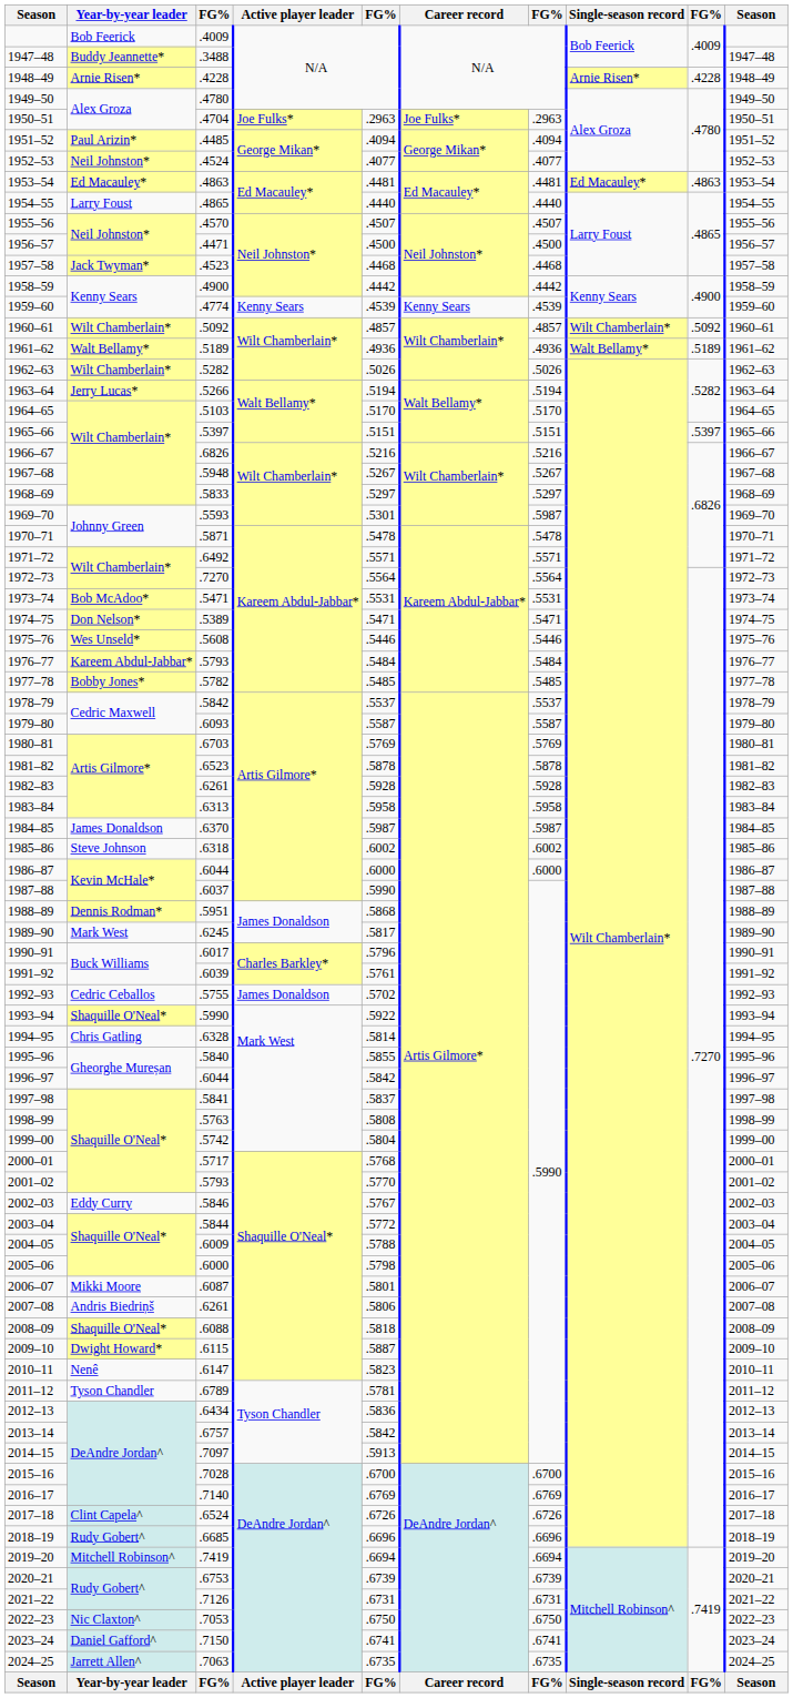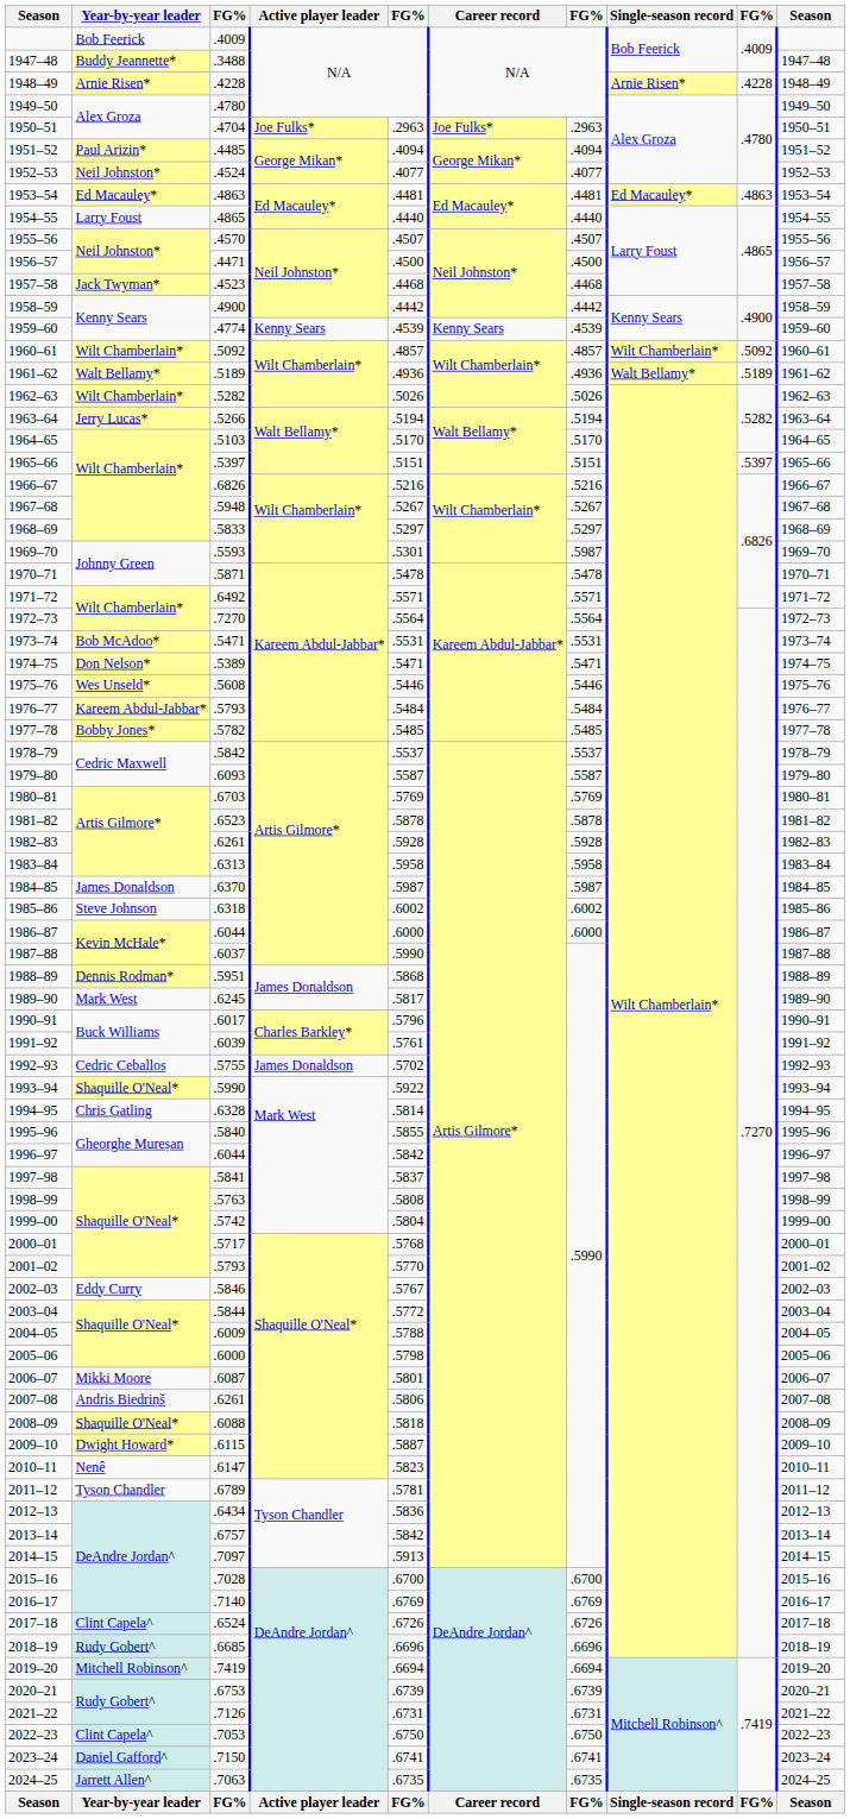 <table class="wikitable">
 <tr>
 <th width=8%>Season</th>
 <th><a href='#'>Year-by-year leader</a></th>
 <th>FG%</th>
 <th>Active player leader</th>
 <th>FG%</th>
 <th>Career record</th>
 <th>FG%</th>
 <th>Single-season record</th>
 <th>FG%</th>
 <th width=8%>Season</th>
 </tr>
 <tr>
 <td></td>
 <td><a href='#'>Bob Feerick</a></td>
 <td align=center style="border-right: solid blue">.4009</td>
 <td style="text-align:center; border-right: solid blue" rowspan=4 colspan=2>N/A</td>
 <td style="text-align:center; border-right: solid blue" rowspan=4 colspan=2>N/A</td>
 <td rowspan=2><a href='#'>Bob Feerick</a></td>
 <td rowspan=2 align=center style="border-right: solid blue">.4009</td>
 <td></td>
 </tr>
 <tr>
 <td>1947–48</td>
 <td bgcolor="#FFFF99"><a href='#'>Buddy Jeannette</a>*</td>
 <td align=center style="border-right: solid blue">.3488</td>
 <td>1947–48</td>
 </tr>
 <tr>
 <td>1948–49</td>
 <td bgcolor="#FFFF99"><a href='#'>Arnie Risen</a>*</td>
 <td align=center style="border-right: solid blue">.4228</td>
 <td bgcolor="#FFFF99"><a href='#'>Arnie Risen</a>*</td>
 <td align=center style="border-right: solid blue">.4228</td>
 <td>1948–49</td>
 </tr>
 <tr>
 <td>1949–50</td>
 <td rowspan=2><a href='#'>Alex Groza</a></td>
 <td align=center style="border-right: solid blue">.4780</td>
 <td rowspan=4><a href='#'>Alex Groza</a></td>
 <td rowspan=4 align=center style="border-right: solid blue">.4780</td>
 <td>1949–50</td>
 </tr>
 <tr>
 <td>1950–51</td>
 <td align=center style="border-right: solid blue">.4704</td>
 <td bgcolor="#FFFF99"><a href='#'>Joe Fulks</a>*</td>
 <td align=center style="border-right: solid blue">.2963</td>
 <td bgcolor="#FFFF99"><a href='#'>Joe Fulks</a>*</td>
 <td align=center style="border-right: solid blue">.2963</td>
 <td>1950–51</td>
 </tr>
 <tr>
 <td>1951–52</td>
 <td bgcolor="#FFFF99"><a href='#'>Paul Arizin</a>*</td>
 <td align=center style="border-right: solid blue">.4485</td>
 <td rowspan=2 bgcolor="#FFFF99"><a href='#'>George Mikan</a>*</td>
 <td align=center style="border-right: solid blue">.4094</td>
 <td rowspan=2 bgcolor="#FFFF99"><a href='#'>George Mikan</a>*</td>
 <td align=center style="border-right: solid blue">.4094</td>
 <td>1951–52</td>
 </tr>
 <tr>
 <td>1952–53</td>
 <td bgcolor="#FFFF99"><a href='#'>Neil Johnston</a>*</td>
 <td align=center style="border-right: solid blue">.4524</td>
 <td align=center style="border-right: solid blue">.4077</td>
 <td align=center style="border-right: solid blue">.4077</td>
 <td>1952–53</td>
 </tr>
 <tr>
 <td>1953–54</td>
 <td bgcolor="#FFFF99"><a href='#'>Ed Macauley</a>*</td>
 <td align=center style="border-right: solid blue">.4863</td>
 <td rowspan=2 bgcolor="#FFFF99"><a href='#'>Ed Macauley</a>*</td>
 <td align=center style="border-right: solid blue">.4481</td>
 <td rowspan=2 bgcolor="#FFFF99"><a href='#'>Ed Macauley</a>*</td>
 <td align=center style="border-right: solid blue">.4481</td>
 <td bgcolor="#FFFF99"><a href='#'>Ed Macauley</a>*</td>
 <td align=center style="border-right: solid blue">.4863</td>
 <td>1953–54</td>
 </tr>
 <tr>
 <td>1954–55</td>
 <td><a href='#'>Larry Foust</a></td>
 <td align=center style="border-right: solid blue">.4865</td>
 <td align=center style="border-right: solid blue">.4440</td>
 <td align=center  style="border-right: solid blue">.4440</td>
 <td rowspan=4><a href='#'>Larry Foust</a></td>
 <td rowspan=4 align=center style="border-right: solid blue">.4865</td>
 <td>1954–55</td>
 </tr>
 <tr>
 <td>1955–56</td>
 <td rowspan=2 bgcolor="#FFFF99"><a href='#'>Neil Johnston</a>*</td>
 <td align=center style="border-right: solid blue">.4570</td>
 <td rowspan=4 bgcolor="#FFFF99"><a href='#'>Neil Johnston</a>*</td>
 <td align=center style="border-right: solid blue">.4507</td>
 <td rowspan=4 bgcolor="#FFFF99"><a href='#'>Neil Johnston</a>*</td>
 <td align=center style="border-right: solid blue">.4507</td>
 <td>1955–56</td>
 </tr>
 <tr>
 <td>1956–57</td>
 <td align=center style="border-right: solid blue">.4471</td>
 <td align=center style="border-right: solid blue">.4500</td>
 <td align=center style="border-right: solid blue">.4500</td>
 <td>1956–57</td>
 </tr>
 <tr>
 <td>1957–58</td>
 <td bgcolor="#FFFF99"><a href='#'>Jack Twyman</a>*</td>
 <td align=center style="border-right: solid blue">.4523</td>
 <td align=center style="border-right: solid blue">.4468</td>
 <td align=center style="border-right: solid blue">.4468</td>
 <td>1957–58</td>
 </tr>
 <tr>
 <td>1958–59</td>
 <td rowspan=2><a href='#'>Kenny Sears</a></td>
 <td align=center style="border-right: solid blue">.4900</td>
 <td align=center style="border-right: solid blue">.4442</td>
 <td align=center style="border-right: solid blue">.4442</td>
 <td rowspan=2><a href='#'>Kenny Sears</a></td>
 <td rowspan=2 align=center  style="border-right: solid blue">.4900</td>
 <td>1958–59</td>
 </tr>
 <tr>
 <td>1959–60</td>
 <td align=center style="border-right: solid blue">.4774</td>
 <td><a href='#'>Kenny Sears</a></td>
 <td align=center style="border-right: solid blue">.4539</td>
 <td><a href='#'>Kenny Sears</a></td>
 <td align=center style="border-right: solid blue">.4539</td>
 <td>1959–60</td>
 </tr>
 <tr>
 <td>1960–61</td>
 <td bgcolor="#FFFF99"><a href='#'>Wilt Chamberlain</a>*</td>
 <td align=center style="border-right: solid blue">.5092</td>
 <td rowspan=3 bgcolor="#FFFF99"><a href='#'>Wilt Chamberlain</a>*<br><br></td>
 <td align=center style="border-right: solid blue">.4857</td>
 <td rowspan=3 bgcolor="#FFFF99"><a href='#'>Wilt Chamberlain</a>*<br><br></td>
 <td align=center style="border-right: solid blue">.4857</td>
 <td bgcolor="#FFFF99"><a href='#'>Wilt Chamberlain</a>*</td>
 <td align=center style="border-right: solid blue">.5092</td>
 <td>1960–61</td>
 </tr>
 <tr>
 <td>1961–62</td>
 <td bgcolor="#FFFF99"><a href='#'>Walt Bellamy</a>*</td>
 <td align=center style="border-right: solid blue">.5189</td>
 <td align=center style="border-right: solid blue">.4936</td>
 <td align=center style="border-right: solid blue">.4936</td>
 <td bgcolor="#FFFF99"><a href='#'>Walt Bellamy</a>*</td>
 <td align=center style="border-right: solid blue">.5189</td>
 <td>1961–62</td>
 </tr>
 <tr>
 <td>1962–63</td>
 <td bgcolor="#FFFF99"><a href='#'>Wilt Chamberlain</a>*</td>
 <td align=center style="border-right: solid blue">.5282</td>
 <td align=center style="border-right: solid blue">.5026</td>
 <td align=center style="border-right: solid blue">.5026</td>
 <td rowspan=57 bgcolor="#FFFF99"><a href='#'>Wilt Chamberlain</a>*<br><br><br></td>
 <td rowspan=3 align=center  style="border-right: solid blue">.5282</td>
 <td>1962–63</td>
 </tr>
 <tr>
 <td>1963–64</td>
 <td bgcolor="#FFFF99"><a href='#'>Jerry Lucas</a>*</td>
 <td align=center style="border-right: solid blue">.5266</td>
 <td rowspan=3 bgcolor="#FFFF99"><a href='#'>Walt Bellamy</a>*<br><br></td>
 <td align=center style="border-right: solid blue">.5194</td>
 <td rowspan=3 bgcolor="#FFFF99"><a href='#'>Walt Bellamy</a>*<br><br></td>
 <td align=center style="border-right: solid blue">.5194</td>
 <td>1963–64</td>
 </tr>
 <tr>
 <td>1964–65</td>
 <td rowspan=5 bgcolor="#FFFF99"><a href='#'>Wilt Chamberlain</a>*<br><br><br></td>
 <td align=center style="border-right: solid blue">.5103</td>
 <td align=center style="border-right: solid blue">.5170</td>
 <td align=center style="border-right: solid blue">.5170</td>
 <td>1964–65</td>
 </tr>
 <tr>
 <td>1965–66</td>
 <td align=center style="border-right: solid blue">.5397</td>
 <td align=center style="border-right: solid blue">.5151</td>
 <td align=center style="border-right: solid blue">.5151</td>
 <td align=center  style="border-right: solid blue">.5397</td>
 <td>1965–66</td>
 </tr>
 <tr>
 <td>1966–67</td>
 <td align=center style="border-right: solid blue">.6826</td>
 <td rowspan=4 bgcolor="#FFFF99"><a href='#'>Wilt Chamberlain</a>*<br><br></td>
 <td align=center style="border-right: solid blue">.5216</td>
 <td rowspan=4 bgcolor="#FFFF99"><a href='#'>Wilt Chamberlain</a>*<br><br></td>
 <td align=center style="border-right: solid blue">.5216</td>
 <td rowspan=6 align=center  style="border-right: solid blue">.6826</td>
 <td>1966–67</td>
 </tr>
 <tr>
 <td>1967–68</td>
 <td align=center style="border-right: solid blue">.5948</td>
 <td align=center style="border-right: solid blue">.5267</td>
 <td align=center style="border-right: solid blue">.5267</td>
 <td>1967–68</td>
 </tr>
 <tr>
 <td>1968–69</td>
 <td align=center style="border-right: solid blue">.5833</td>
 <td align=center style="border-right: solid blue">.5297</td>
 <td align=center style="border-right: solid blue">.5297</td>
 <td>1968–69</td>
 </tr>
 <tr>
 <td>1969–70</td>
 <td rowspan=2><a href='#'>Johnny Green</a></td>
 <td align=center style="border-right: solid blue">.5593</td>
 <td align=center style="border-right: solid blue">.5301</td>
 <td align=center style="border-right: solid blue">.5987</td>
 <td>1969–70</td>
 </tr>
 <tr>
 <td>1970–71</td>
 <td align=center style="border-right: solid blue">.5871</td>
 <td rowspan=8 bgcolor="#FFFF99"><a href='#'>Kareem Abdul-Jabbar</a>*<br><br></td>
 <td align=center style="border-right: solid blue">.5478</td>
 <td rowspan=8 bgcolor="#FFFF99"><a href='#'>Kareem Abdul-Jabbar</a>*<br><br></td>
 <td align=center style="border-right: solid blue">.5478</td>
 <td>1970–71</td>
 </tr>
 <tr>
 <td>1971–72</td>
 <td rowspan=2 bgcolor="#FFFF99"><a href='#'>Wilt Chamberlain</a>*</td>
 <td align=center style="border-right: solid blue">.6492</td>
 <td align=center style="border-right: solid blue">.5571</td>
 <td align=center style="border-right: solid blue">.5571</td>
 <td>1971–72</td>
 </tr>
 <tr>
 <td>1972–73</td>
 <td align=center style="border-right: solid blue">.7270</td>
 <td align=center style="border-right: solid blue">.5564</td>
 <td align=center style="border-right: solid blue">.5564</td>
 <td rowspan=47 align=center  style="border-right: solid blue">.7270</td>
 <td>1972–73</td>
 </tr>
 <tr>
 <td>1973–74</td>
 <td bgcolor="#FFFF99"><a href='#'>Bob McAdoo</a>*</td>
 <td align=center style="border-right: solid blue">.5471</td>
 <td align=center style="border-right: solid blue">.5531</td>
 <td align=center style="border-right: solid blue">.5531</td>
 <td>1973–74</td>
 </tr>
 <tr>
 <td>1974–75</td>
 <td bgcolor="#FFFF99"><a href='#'>Don Nelson</a>*</td>
 <td align=center style="border-right: solid blue">.5389</td>
 <td align=center style="border-right: solid blue">.5471</td>
 <td align=center style="border-right: solid blue">.5471</td>
 <td>1974–75</td>
 </tr>
 <tr>
 <td>1975–76</td>
 <td bgcolor="#FFFF99"><a href='#'>Wes Unseld</a>*</td>
 <td align=center style="border-right: solid blue">.5608</td>
 <td align=center style="border-right: solid blue">.5446</td>
 <td align=center style="border-right: solid blue">.5446</td>
 <td>1975–76</td>
 </tr>
 <tr>
 <td>1976–77</td>
 <td bgcolor="#FFFF99"><a href='#'>Kareem Abdul-Jabbar</a>*</td>
 <td align=center style="border-right: solid blue">.5793</td>
 <td align=center style="border-right: solid blue">.5484</td>
 <td align=center style="border-right: solid blue">.5484</td>
 <td>1976–77</td>
 </tr>
 <tr>
 <td>1977–78</td>
 <td bgcolor="#FFFF99"><a href='#'>Bobby Jones</a>*</td>
 <td align=center style="border-right: solid blue">.5782</td>
 <td align=center style="border-right: solid blue">.5485</td>
 <td align=center style="border-right: solid blue">.5485</td>
 <td>1977–78</td>
 </tr>
 <tr>
 <td>1978–79</td>
 <td rowspan=2><a href='#'>Cedric Maxwell</a></td>
 <td align=center style="border-right: solid blue">.5842</td>
 <td rowspan=10 bgcolor="#FFFF99"><a href='#'>Artis Gilmore</a>*<br><br><br><br></td>
 <td align=center style="border-right: solid blue">.5537</td>
 <td rowspan=37 bgcolor="#FFFF99"><a href='#'>Artis Gilmore</a>*<br><br><br><br></td>
 <td align=center style="border-right: solid blue">.5537</td>
 <td>1978–79</td>
 </tr>
 <tr>
 <td>1979–80</td>
 <td align=center style="border-right: solid blue">.6093</td>
 <td align=center style="border-right: solid blue">.5587</td>
 <td align=center style="border-right: solid blue">.5587</td>
 <td>1979–80</td>
 </tr>
 <tr>
 <td>1980–81</td>
 <td rowspan=4 bgcolor="#FFFF99"><a href='#'>Artis Gilmore</a>*<br><br></td>
 <td align=center style="border-right: solid blue">.6703</td>
 <td align=center style="border-right: solid blue">.5769</td>
 <td align=center style="border-right: solid blue">.5769</td>
 <td>1980–81</td>
 </tr>
 <tr>
 <td>1981–82</td>
 <td align=center style="border-right: solid blue">.6523</td>
 <td align=center style="border-right: solid blue">.5878</td>
 <td align=center style="border-right: solid blue">.5878</td>
 <td>1981–82</td>
 </tr>
 <tr>
 <td>1982–83</td>
 <td align=center style="border-right: solid blue">.6261</td>
 <td align=center style="border-right: solid blue">.5928</td>
 <td align=center style="border-right: solid blue">.5928</td>
 <td>1982–83</td>
 </tr>
 <tr>
 <td>1983–84</td>
 <td align=center style="border-right: solid blue">.6313</td>
 <td align=center style="border-right: solid blue">.5958</td>
 <td align=center style="border-right: solid blue">.5958</td>
 <td>1983–84</td>
 </tr>
 <tr>
 <td>1984–85</td>
 <td><a href='#'>James Donaldson</a></td>
 <td align=center style="border-right: solid blue">.6370</td>
 <td align=center style="border-right: solid blue">.5987</td>
 <td align=center style="border-right: solid blue">.5987</td>
 <td>1984–85</td>
 </tr>
 <tr>
 <td>1985–86</td>
 <td><a href='#'>Steve Johnson</a></td>
 <td align=center style="border-right: solid blue">.6318</td>
 <td align=center style="border-right: solid blue">.6002</td>
 <td align=center style="border-right: solid blue">.6002</td>
 <td>1985–86</td>
 </tr>
 <tr>
 <td>1986–87</td>
 <td rowspan=2 bgcolor="#FFFF99"><a href='#'>Kevin McHale</a>*</td>
 <td align=center style="border-right: solid blue">.6044</td>
 <td align=center style="border-right: solid blue">.6000</td>
 <td align=center style="border-right: solid blue">.6000</td>
 <td>1986–87</td>
 </tr>
 <tr>
 <td>1987–88</td>
 <td align=center style="border-right: solid blue">.6037</td>
 <td align=center style="border-right: solid blue">.5990</td>
 <td rowspan=28 align=center style="border-right: solid blue">.5990</td>
 <td>1987–88</td>
 </tr>
 <tr>
 <td>1988–89</td>
 <td bgcolor="#FFFF99"><a href='#'>Dennis Rodman</a>*</td>
 <td align=center style="border-right: solid blue">.5951</td>
 <td rowspan=2><a href='#'>James Donaldson</a></td>
 <td align=center style="border-right: solid blue">.5868</td>
 <td>1988–89</td>
 </tr>
 <tr>
 <td>1989–90</td>
 <td><a href='#'>Mark West</a></td>
 <td align=center style="border-right: solid blue">.6245</td>
 <td align=center style="border-right: solid blue">.5817</td>
 <td>1989–90</td>
 </tr>
 <tr>
 <td>1990–91</td>
 <td rowspan=2><a href='#'>Buck Williams</a></td>
 <td align=center style="border-right: solid blue">.6017</td>
 <td rowspan=2 bgcolor="#FFFF99"><a href='#'>Charles Barkley</a>*</td>
 <td align=center style="border-right: solid blue">.5796</td>
 <td>1990–91</td>
 </tr>
 <tr>
 <td>1991–92</td>
 <td align=center style="border-right: solid blue">.6039</td>
 <td align=center style="border-right: solid blue">.5761</td>
 <td>1991–92</td>
 </tr>
 <tr>
 <td>1992–93</td>
 <td><a href='#'>Cedric Ceballos</a></td>
 <td align=center style="border-right: solid blue">.5755</td>
 <td><a href='#'>James Donaldson</a></td>
 <td align=center style="border-right: solid blue">.5702</td>
 <td>1992–93</td>
 </tr>
 <tr>
 <td>1993–94</td>
 <td bgcolor="#FFFF99"><a href='#'>Shaquille O'Neal</a>*</td>
 <td align=center style="border-right: solid blue">.5990</td>
 <td rowspan=7><a href='#'>Mark West</a><br><br><br><br><br><br></td>
 <td align=center style="border-right: solid blue">.5922</td>
 <td>1993–94</td>
 </tr>
 <tr>
 <td>1994–95</td>
 <td><a href='#'>Chris Gatling</a></td>
 <td align=center style="border-right: solid blue">.6328</td>
 <td align=center style="border-right: solid blue">.5814</td>
 <td>1994–95</td>
 </tr>
 <tr>
 <td>1995–96</td>
 <td rowspan=2><a href='#'>Gheorghe Mureșan</a></td>
 <td align=center style="border-right: solid blue">.5840</td>
 <td align=center style="border-right: solid blue">.5855</td>
 <td>1995–96</td>
 </tr>
 <tr>
 <td>1996–97</td>
 <td align=center style="border-right: solid blue">.6044</td>
 <td align=center style="border-right: solid blue">.5842</td>
 <td>1996–97</td>
 </tr>
 <tr>
 <td>1997–98</td>
 <td rowspan=5 bgcolor="#FFFF99"><a href='#'>Shaquille O'Neal</a>*</td>
 <td align=center style="border-right: solid blue">.5841</td>
 <td align=center style="border-right: solid blue">.5837</td>
 <td>1997–98</td>
 </tr>
 <tr>
 <td>1998–99</td>
 <td align=center style="border-right: solid blue">.5763</td>
 <td align=center style="border-right: solid blue">.5808</td>
 <td>1998–99</td>
 </tr>
 <tr>
 <td>1999–00</td>
 <td align=center style="border-right: solid blue">.5742</td>
 <td align=center style="border-right: solid blue">.5804</td>
 <td>1999–00</td>
 </tr>
 <tr>
 <td>2000–01</td>
 <td align=center style="border-right: solid blue">.5717</td>
 <td rowspan=11 bgcolor="#FFFF99"><a href='#'>Shaquille O'Neal</a>*<br><br><br><br><br></td>
 <td align=center style="border-right: solid blue">.5768</td>
 <td>2000–01</td>
 </tr>
 <tr>
 <td>2001–02</td>
 <td align=center style="border-right: solid blue">.5793</td>
 <td align=center style="border-right: solid blue">.5770</td>
 <td>2001–02</td>
 </tr>
 <tr>
 <td>2002–03</td>
 <td><a href='#'>Eddy Curry</a></td>
 <td align=center style="border-right: solid blue">.5846</td>
 <td align=center style="border-right: solid blue">.5767</td>
 <td>2002–03</td>
 </tr>
 <tr>
 <td>2003–04</td>
 <td rowspan=3 bgcolor="#FFFF99"><a href='#'>Shaquille O'Neal</a>*<br><br></td>
 <td align=center style="border-right: solid blue">.5844</td>
 <td align=center style="border-right: solid blue">.5772</td>
 <td>2003–04</td>
 </tr>
 <tr>
 <td>2004–05</td>
 <td align=center style="border-right: solid blue">.6009</td>
 <td align=center style="border-right: solid blue">.5788</td>
 <td>2004–05</td>
 </tr>
 <tr>
 <td>2005–06</td>
 <td align=center style="border-right: solid blue">.6000</td>
 <td align=center style="border-right: solid blue">.5798</td>
 <td>2005–06</td>
 </tr>
 <tr>
 <td>2006–07</td>
 <td><a href='#'>Mikki Moore</a></td>
 <td align=center style="border-right: solid blue">.6087</td>
 <td align=center style="border-right: solid blue">.5801</td>
 <td>2006–07</td>
 </tr>
 <tr>
 <td>2007–08</td>
 <td><a href='#'>Andris Biedriņš</a></td>
 <td align=center style="border-right: solid blue">.6261</td>
 <td align=center style="border-right: solid blue">.5806</td>
 <td>2007–08</td>
 </tr>
 <tr>
 <td>2008–09</td>
 <td bgcolor="#FFFF99"><a href='#'>Shaquille O'Neal</a>*</td>
 <td align=center style="border-right: solid blue">.6088</td>
 <td align=center style="border-right: solid blue">.5818</td>
 <td>2008–09</td>
 </tr>
 <tr>
 <td>2009–10</td>
 <td bgcolor="#FFFF99"><a href='#'>Dwight Howard</a>*</td>
 <td align=center style="border-right: solid blue">.6115</td>
 <td align=center style="border-right: solid blue">.5887</td>
 <td>2009–10</td>
 </tr>
 <tr>
 <td>2010–11</td>
 <td><a href='#'>Nenê</a></td>
 <td align=center style="border-right: solid blue">.6147</td>
 <td align=center style="border-right: solid blue">.5823</td>
 <td>2010–11</td>
 </tr>
 <tr>
 <td>2011–12</td>
 <td><a href='#'>Tyson Chandler</a></td>
 <td align=center style="border-right: solid blue">.6789</td>
 <td rowspan=4><a href='#'>Tyson Chandler</a><br><br></td>
 <td align=center style="border-right: solid blue">.5781</td>
 <td>2011–12</td>
 </tr>
 <tr>
 <td>2012–13</td>
 <td rowspan=5 bgcolor="#CFECEC"><a href='#'>DeAndre Jordan</a>^</td>
 <td align=center style="border-right: solid blue">.6434</td>
 <td align=center style="border-right: solid blue">.5836</td>
 <td>2012–13</td>
 </tr>
 <tr>
 <td>2013–14</td>
 <td align=center style="border-right: solid blue">.6757</td>
 <td align=center style="border-right: solid blue">.5842</td>
 <td>2013–14</td>
 </tr>
 <tr>
 <td>2014–15</td>
 <td align=center style="border-right: solid blue">.7097</td>
 <td align=center style="border-right: solid blue">.5913</td>
 <td>2014–15</td>
 </tr>
 <tr>
 <td>2015–16</td>
 <td align=center style="border-right: solid blue">.7028</td>
 <td rowspan=10 bgcolor="#CFECEC"><a href='#'>DeAndre Jordan</a>^<br><br><br><br><br><br><br></td>
 <td align=center style="border-right: solid blue">.6700</td>
 <td rowspan=10 bgcolor="#CFECEC"><a href='#'>DeAndre Jordan</a>^<br><br><br><br><br><br><br></td>
 <td align=center style="border-right: solid blue">.6700</td>
 <td>2015–16</td>
 </tr>
 <tr>
 <td>2016–17</td>
 <td align=center style="border-right: solid blue">.7140</td>
 <td align=center style="border-right: solid blue">.6769</td>
 <td align=center style="border-right: solid blue">.6769</td>
 <td>2016–17</td>
 </tr>
 <tr>
 <td>2017–18</td>
 <td bgcolor="#CFECEC"><a href='#'>Clint Capela</a>^</td>
 <td align=center style="border-right: solid blue">.6524</td>
 <td align=center style="border-right: solid blue">.6726</td>
 <td align=center style="border-right: solid blue">.6726</td>
 <td>2017–18</td>
 </tr>
 <tr>
 <td>2018–19</td>
 <td bgcolor="#CFECEC"><a href='#'>Rudy Gobert</a>^</td>
 <td align=center style="border-right: solid blue">.6685</td>
 <td align=center style="border-right: solid blue">.6696</td>
 <td align=center style="border-right: solid blue">.6696</td>
 <td>2018–19</td>
 </tr>
 <tr>
 <td>2019–20</td>
 <td bgcolor="#CFECEC"><a href='#'>Mitchell Robinson</a>^</td>
 <td align=center style="border-right: solid blue">.7419</td>
 <td align=center style="border-right: solid blue">.6694</td>
 <td align=center style="border-right: solid blue">.6694</td>
 <td rowspan=6 bgcolor="#CFECEC"><a href='#'>Mitchell Robinson</a>^</td>
 <td rowspan=6 align=center style="border-right: solid blue">.7419</td>
 <td>2019–20</td>
 </tr>
 <tr>
 <td>2020–21</td>
 <td rowspan=2 bgcolor="#CFECEC"><a href='#'>Rudy Gobert</a>^</td>
 <td align=center style="border-right: solid blue">.6753</td>
 <td align=center style="border-right: solid blue">.6739</td>
 <td align=center style="border-right: solid blue">.6739</td>
 <td>2020–21</td>
 </tr>
 <tr>
 <td>2021–22</td>
 <td align=center style="border-right: solid blue">.7126</td>
 <td align=center style="border-right: solid blue">.6731</td>
 <td align=center style="border-right: solid blue">.6731</td>
 <td>2021–22</td>
 </tr>
 <tr>
 <td>2022–23</td>
-<td bgcolor="#CFECEC"><a href='#'>Nic Claxton</a>^</td>
+<td bgcolor="#CFECEC"><a href='#'>Clint Capela</a>^</td>
 <td align=center style="border-right: solid blue">.7053</td>
 <td align=center style="border-right: solid blue">.6750</td>
 <td align=center style="border-right: solid blue">.6750</td>
 <td>2022–23</td>
 </tr>
 <tr>
 <td>2023–24</td>
 <td bgcolor="#CFECEC"><a href='#'>Daniel Gafford</a>^</td>
 <td align=center style="border-right: solid blue">.7150</td>
 <td align=center style="border-right: solid blue">.6741</td>
 <td align=center style="border-right: solid blue">.6741</td>
 <td>2023–24</td>
 </tr>
 <tr>
 <td>2024–25</td>
 <td bgcolor="#CFECEC"><a href='#'>Jarrett Allen</a>^</td>
 <td align=center style="border-right: solid blue">.7063</td>
 <td align=center style="border-right: solid blue">.6735</td>
 <td align=center style="border-right: solid blue">.6735</td>
 <td>2024–25</td>
 </tr>
 <tr>
 <th>Season</th>
 <th>Year-by-year leader</th>
 <th>FG%</th>
 <th>Active player leader</th>
 <th>FG%</th>
 <th>Career record</th>
 <th>FG%</th>
 <th>Single-season record</th>
 <th>FG%</th>
 <th>Season</th>
 </tr>
 </table>
